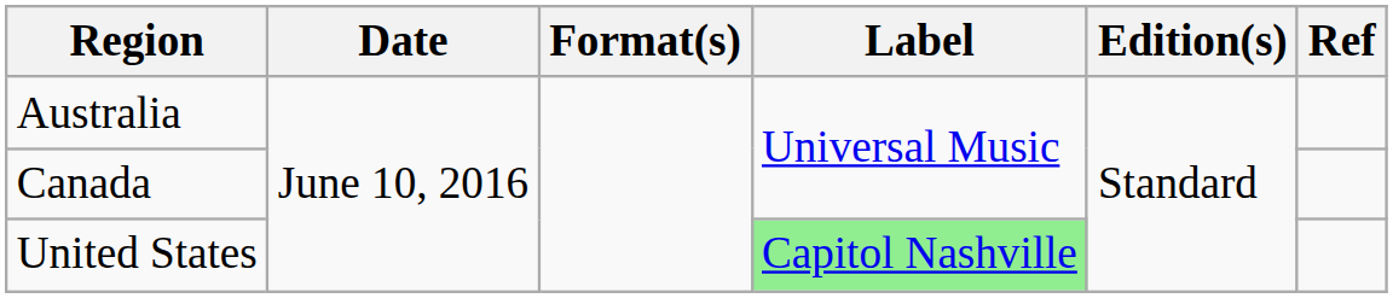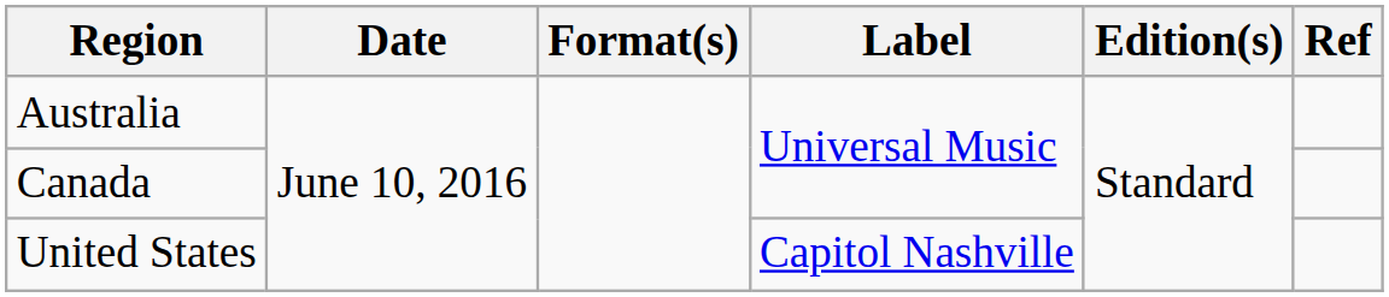 <table class="wikitable plainrowheaders">
 <tr>
 <th scope="col">Region</th>
 <th scope="col">Date</th>
 <th scope="col">Format(s)</th>
 <th scope="col">Label</th>
 <th scope="col">Edition(s)</th>
 <th scope="col">Ref</th>
 </tr>
 <tr>
 <td>Australia</td>
 <td rowspan="3">June 10, 2016</td>
 <td rowspan="3"></td>
 <td rowspan="2"><a href='#'>Universal Music</a></td>
 <td rowspan="3">Standard</td>
 <td></td>
 </tr>
 <tr>
 <td>Canada</td>
 <td></td>
 </tr>
 <tr>
 <td>United States</td>
-<td style="background: lightgreen;"><a href='#'>Capitol Nashville</a></td>
+<td><a href='#'>Capitol Nashville</a></td>
 <td></td>
 </tr>
 </table>
